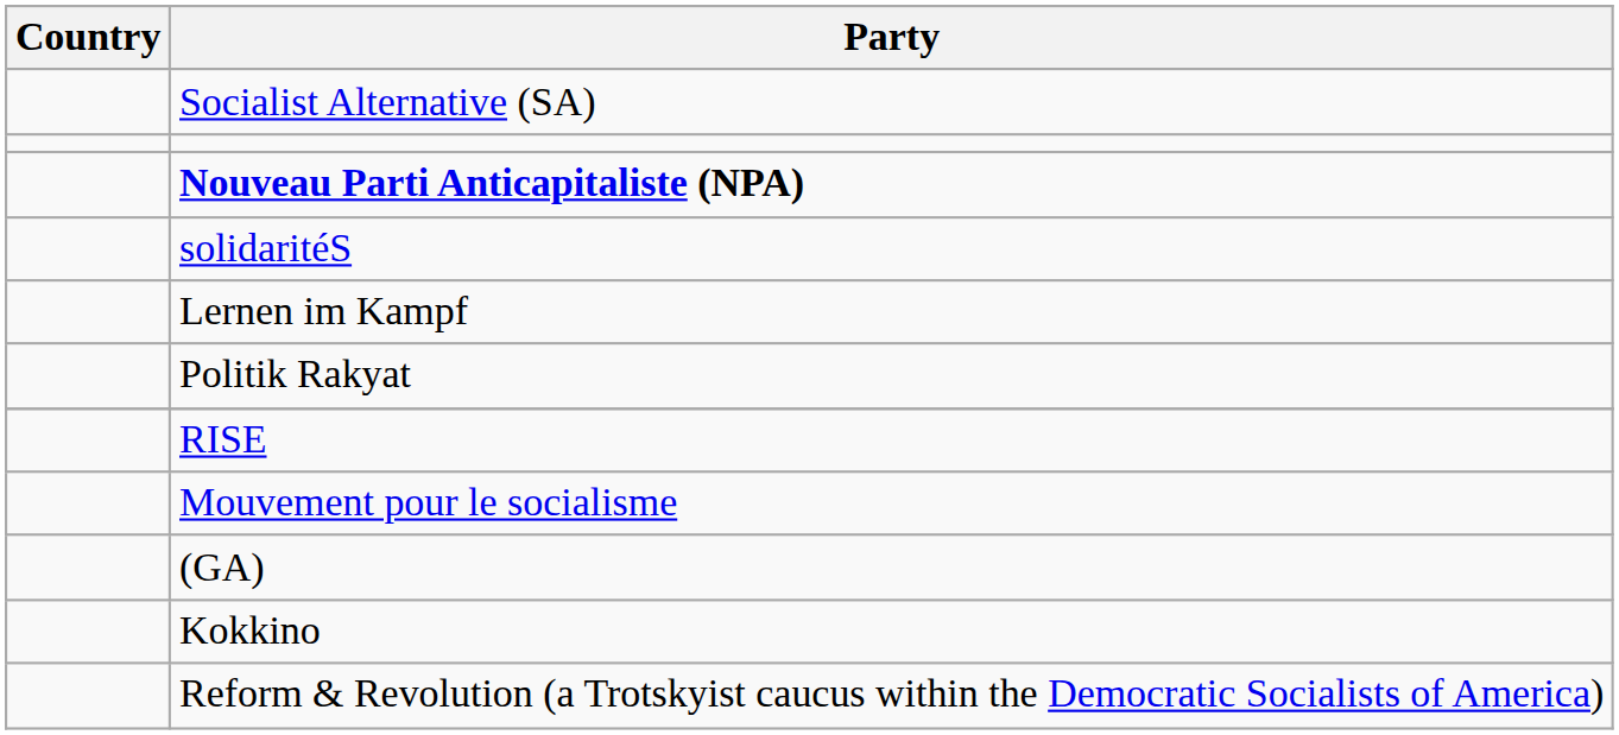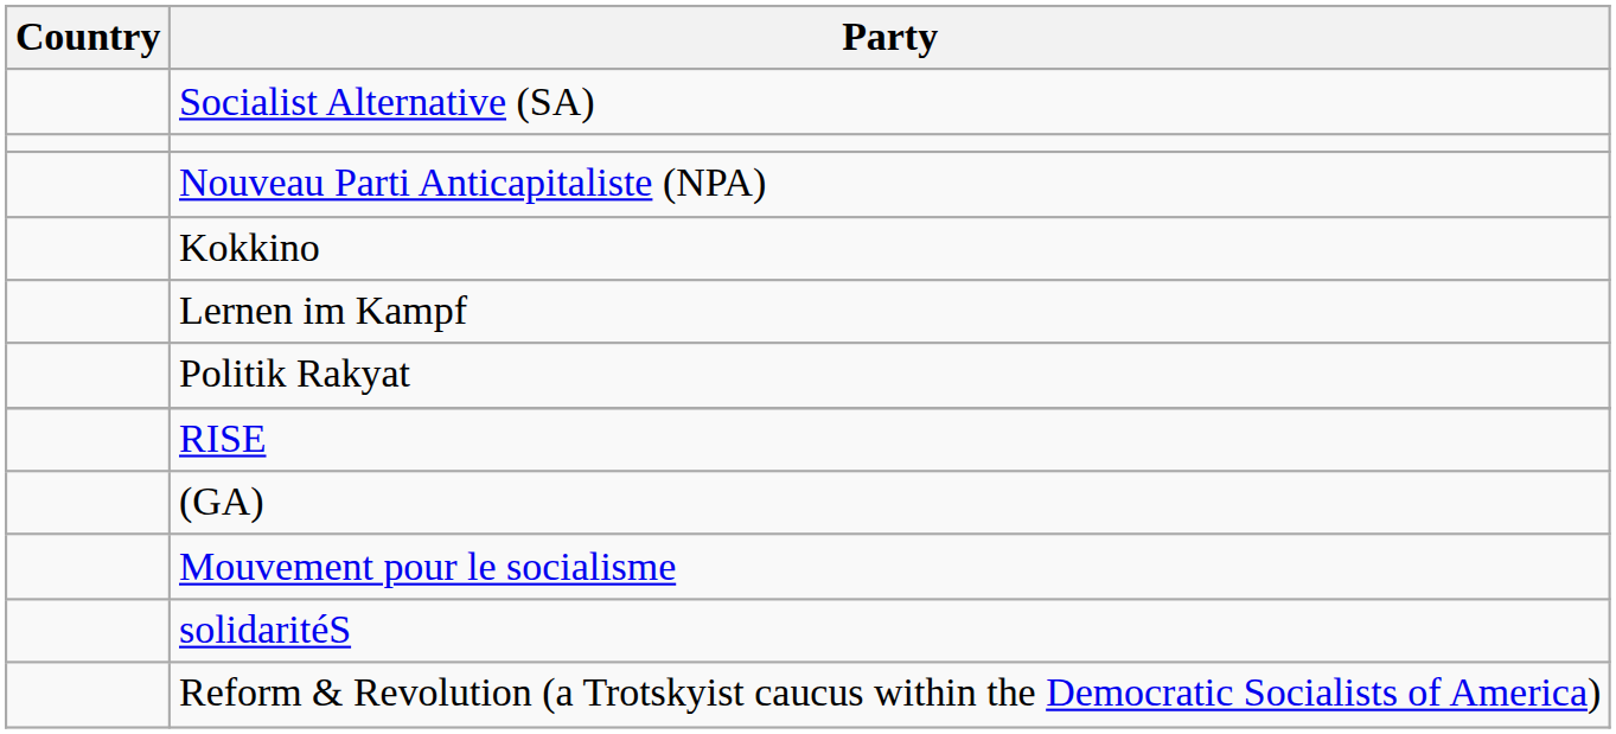 <table class="wikitable">
 <tr>
 <th>Country</th>
 <th>Party</th>
 </tr>
 <tr>
 <td></td>
 <td><a href='#'>Socialist Alternative</a> (SA)</td>
 </tr>
 <tr>
 <td></td>
 <td></td>
 </tr>
 <tr>
 <td></td>
-<td><strong><a href='#'>Nouveau Parti Anticapitaliste</a> (NPA)</strong></td>
+<td><a href='#'>Nouveau Parti Anticapitaliste</a> (NPA)</td>
 </tr>
 <tr>
 <td></td>
-<td><a href='#'>solidaritéS</a></td>
+<td>Kokkino</td>
 </tr>
 <tr>
 <td></td>
 <td>Lernen im Kampf</td>
 </tr>
 <tr>
 <td></td>
 <td>Politik Rakyat</td>
 </tr>
 <tr>
 </tr>
 <tr>
 <td></td>
 <td><a href='#'>RISE</a></td>
 </tr>
 <tr>
 <td></td>
+<td> (GA)</td>
+</tr>
+<tr>
+<td></td>
 <td><a href='#'>Mouvement pour le socialisme</a></td>
 </tr>
 <tr>
 <td></td>
-<td> (GA)</td>
-</tr>
-<tr>
-<td></td>
-<td>Kokkino</td>
+<td><a href='#'>solidaritéS</a></td>
 </tr>
 <tr>
 <td></td>
 <td>Reform & Revolution (a Trotskyist caucus within the <a href='#'>Democratic Socialists of America</a>)</td>
 </tr>
 </table>
